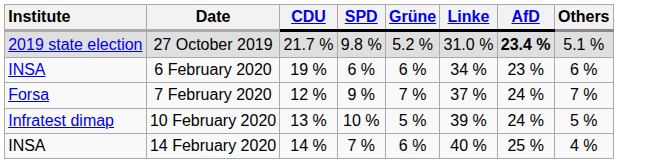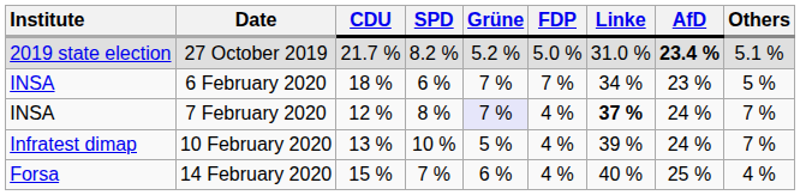 <table class="wikitable" style="text-align:center">
 <tr>
 <th style="text-align:left; border-bottom:3px solid #AAAAAA">Institute</th>
 <th style="border-bottom:3px solid #AAAAAA">Date</th>
 <th style="border-bottom:3px solid "><a href='#'>CDU</a></th>
 <th style="border-bottom:3px solid "><a href='#'>SPD</a></th>
 <th style="border-bottom:3px solid "><a href='#'>Grüne</a></th>
+<th style="border-bottom:3px solid "><a href='#'>FDP</a></th>
 <th style="border-bottom:3px solid "><a href='#'>Linke</a></th>
 <th style="border-bottom:3px solid "><a href='#'>AfD</a></th>
 <th style="border-bottom:3px solid #888888">Others</th>
 </tr>
 <tr style="background:#DFDFDF;">
 <td style="text-align:left"><a href='#'>2019 state election</a></td>
 <td>27 October 2019</td>
 <td>21.7 %</td>
-<td>9.8 %</td>
+<td>8.2 %</td>
 <td>5.2 %</td>
+<td>5.0 %</td>
 <td>31.0 %</td>
 <td><strong>23.4 %</strong></td>
 <td>5.1 %</td>
 </tr>
 <tr>
 <td style="text-align:left"><a href='#'>INSA</a></td>
 <td>6 February 2020</td>
-<td>19 %</td>
+<td>18 %</td>
 <td>6 %</td>
-<td>6 %</td>
+<td>7 %</td>
+<td>7 %</td>
 <td>34 %</td>
 <td>23 %</td>
-<td>6 %</td>
+<td>5 %</td>
 </tr>
 <tr>
-<td style="text-align:left"><a href='#'>Forsa</a></td>
+<td style="text-align:left">INSA</td>
 <td>7 February 2020</td>
 <td>12 %</td>
-<td>9 %</td>
-<td>7 %</td>
-<td>37 %</td>
+<td>8 %</td>
+<td style="background: lavender;">7 %</td>
+<td>4 %</td>
+<td><strong>37 %</strong></td>
 <td>24 %</td>
 <td>7 %</td>
 </tr>
 <tr>
 <td style="text-align:left"><a href='#'>Infratest dimap</a></td>
 <td>10 February 2020</td>
 <td>13 %</td>
 <td>10 %</td>
 <td>5 %</td>
+<td>4 %</td>
 <td>39 %</td>
 <td>24 %</td>
-<td>5 %</td>
+<td>7 %</td>
 </tr>
 <tr>
-<td style="text-align:left">INSA</td>
+<td style="text-align:left"><a href='#'>Forsa</a></td>
 <td>14 February 2020</td>
-<td>14 %</td>
+<td>15 %</td>
 <td>7 %</td>
 <td>6 %</td>
+<td>4 %</td>
 <td>40 %</td>
 <td>25 %</td>
 <td>4 %</td>
 </tr>
 </table>
